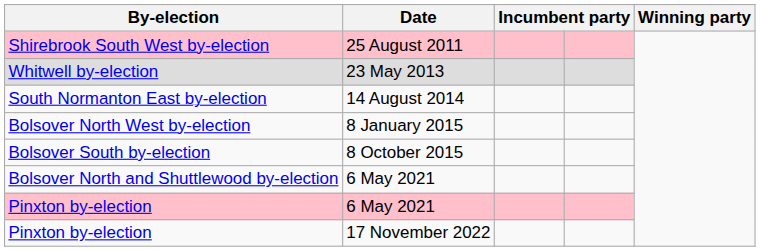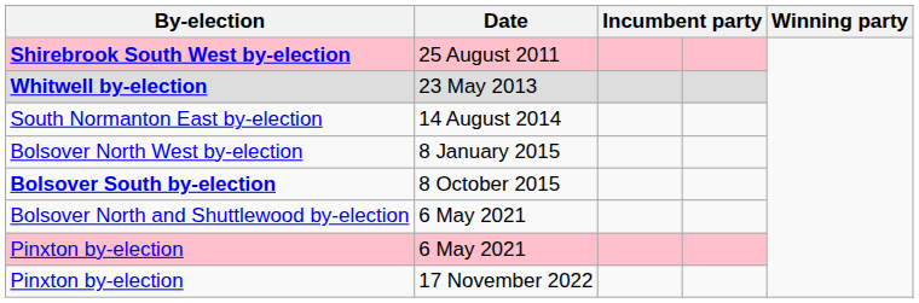 <table class="wikitable">
 <tr>
 <th>By-election</th>
 <th>Date</th>
 <th colspan=2>Incumbent party</th>
 <th colspan=2>Winning party</th>
 </tr>
 <tr bgcolor=pink>
-<td><a href='#'>Shirebrook South West by-election</a></td>
+<td><strong><a href='#'>Shirebrook South West by-election</a></strong></td>
 <td>25 August 2011</td>
 <td></td>
 <td></td>
 </tr>
 <tr bgcolor=#dddddd>
-<td><a href='#'>Whitwell by-election</a></td>
+<td><strong><a href='#'>Whitwell by-election</a></strong></td>
 <td>23 May 2013</td>
 <td></td>
 <td></td>
 </tr>
 <tr bgcolor=>
 <td><a href='#'>South Normanton East by-election</a></td>
 <td>14 August 2014</td>
 <td></td>
 <td></td>
 </tr>
 <tr bgcolor=>
 <td><a href='#'>Bolsover North West by-election</a></td>
 <td>8 January 2015</td>
 <td></td>
 <td></td>
 </tr>
 <tr bgcolor=>
-<td><a href='#'>Bolsover South by-election</a></td>
+<td><strong><a href='#'>Bolsover South by-election</a></strong></td>
 <td>8 October 2015</td>
 <td></td>
 <td></td>
 </tr>
 <tr bgcolor=>
 <td><a href='#'>Bolsover North and Shuttlewood by-election</a></td>
 <td>6 May 2021</td>
 <td></td>
 <td></td>
 </tr>
 <tr bgcolor=pink>
 <td><a href='#'>Pinxton by-election</a></td>
 <td>6 May 2021</td>
 <td></td>
 <td></td>
 </tr>
 <tr>
 <td><a href='#'>Pinxton by-election</a></td>
 <td>17 November 2022</td>
 <td></td>
 <td></td>
 </tr>
 </table>
